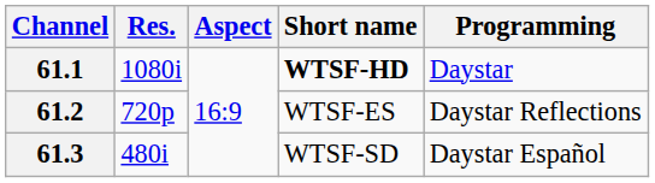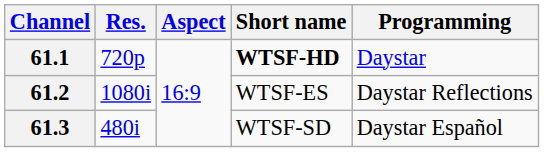 <table class="wikitable">
 <tr>
 <th><a href='#'>Channel</a></th>
 <th><a href='#'>Res.</a></th>
 <th><a href='#'>Aspect</a></th>
 <th>Short name</th>
 <th>Programming</th>
 </tr>
 <tr>
 <th scope = "row">61.1</th>
-<td><a href='#'>1080i</a></td>
+<td><a href='#'>720p</a></td>
 <td rowspan=3><a href='#'>16:9</a></td>
 <td><strong>WTSF-HD</strong></td>
 <td><a href='#'>Daystar</a></td>
 </tr>
 <tr>
 <th scope = "row">61.2</th>
-<td><a href='#'>720p</a></td>
+<td><a href='#'>1080i</a></td>
 <td>WTSF-ES</td>
 <td>Daystar Reflections</td>
 </tr>
 <tr>
 <th scope = "row">61.3</th>
 <td><a href='#'>480i</a></td>
 <td>WTSF-SD</td>
 <td>Daystar Español</td>
 </tr>
 </table>
